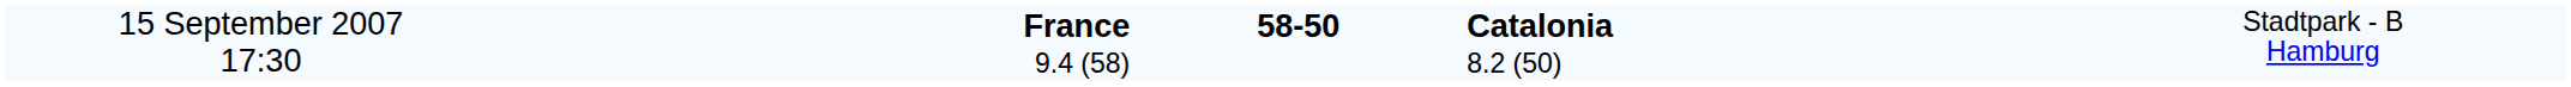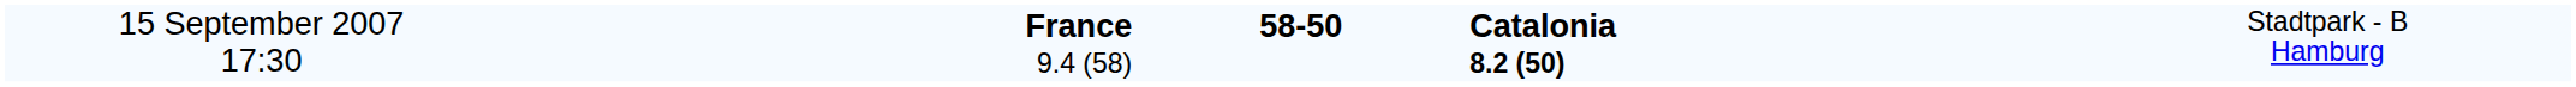 <table style="width: 100%; background:#F5FAFF;" cellspacing="0">
 <tr>
 <td align=center rowspan=3 width=20%>15 September 2007<br>17:30</td>
 </tr>
 <tr>
 <td width=24% align=right><strong>France</strong></td>
 <td align=center width=13%><strong>58-50</strong></td>
 <td width=24%><strong>Catalonia</strong></td>
 <td style=font-size:85% rowspan=3 valign=top align=center>Stadtpark - B <br><a href='#'>Hamburg</a></td>
 </tr>
 <tr style=font-size:85%>
 <td align=right>9.4 (58)</td>
 <td align=center></td>
-<td>8.2 (50)</td>
+<td><strong>8.2 (50)</strong></td>
 </tr>
 </table>
